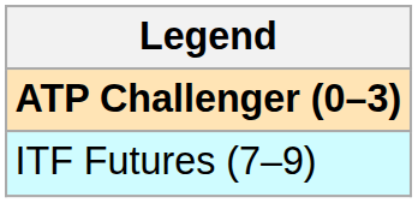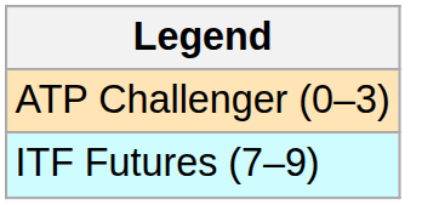 <table class=wikitable style=font-size:97%>
 <tr>
 <th>Legend</th>
 </tr>
 <tr bgcolor=moccasin>
-<td><strong>ATP Challenger (0–3)</strong></td>
+<td>ATP Challenger (0–3)</td>
 </tr>
 <tr bgcolor=cffcff>
 <td>ITF Futures (7–9)</td>
 </tr>
 </table>
